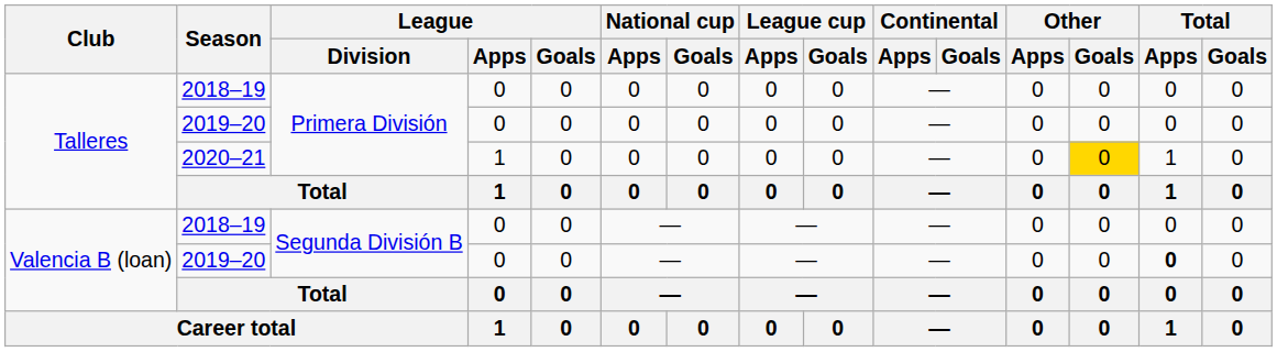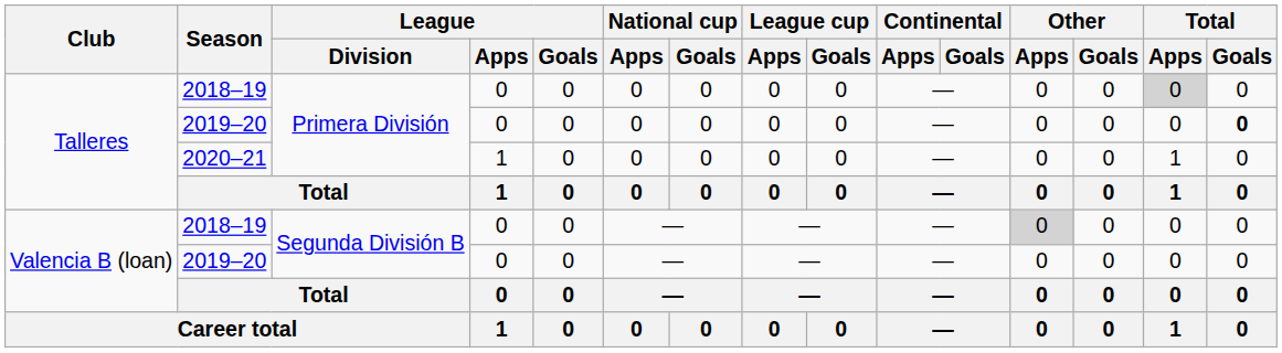 <table class="wikitable" style="text-align:center">
 <tr>
 <th rowspan="2">Club</th>
 <th rowspan="2">Season</th>
 <th colspan="3">League</th>
 <th colspan="2">National cup</th>
 <th colspan="2">League cup</th>
 <th colspan="2">Continental</th>
 <th colspan="2">Other</th>
 <th colspan="2">Total</th>
 </tr>
 <tr>
 <th>Division</th>
 <th>Apps</th>
 <th>Goals</th>
 <th>Apps</th>
 <th>Goals</th>
 <th>Apps</th>
 <th>Goals</th>
 <th>Apps</th>
 <th>Goals</th>
 <th>Apps</th>
 <th>Goals</th>
 <th>Apps</th>
 <th>Goals</th>
 </tr>
 <tr>
 <td rowspan="4"><a href='#'>Talleres</a></td>
 <td><a href='#'>2018–19</a></td>
 <td rowspan="3"><a href='#'>Primera División</a></td>
 <td>0</td>
 <td>0</td>
 <td>0</td>
 <td>0</td>
 <td>0</td>
 <td>0</td>
 <td colspan="2">—</td>
 <td>0</td>
 <td>0</td>
-<td>0</td>
+<td style="background: lightgrey;">0</td>
 <td>0</td>
 </tr>
 <tr>
 <td><a href='#'>2019–20</a></td>
 <td>0</td>
 <td>0</td>
 <td>0</td>
 <td>0</td>
 <td>0</td>
 <td>0</td>
 <td colspan="2">—</td>
 <td>0</td>
 <td>0</td>
 <td>0</td>
-<td>0</td>
+<td><strong>0</strong></td>
 </tr>
 <tr>
 <td><a href='#'>2020–21</a></td>
 <td>1</td>
 <td>0</td>
 <td>0</td>
 <td>0</td>
 <td>0</td>
 <td>0</td>
 <td colspan="2">—</td>
 <td>0</td>
-<td style="background: gold;">0</td>
+<td>0</td>
 <td>1</td>
 <td>0</td>
 </tr>
 <tr>
 <th colspan="2">Total</th>
 <th>1</th>
 <th>0</th>
 <th>0</th>
 <th>0</th>
 <th>0</th>
 <th>0</th>
 <th colspan="2">—</th>
 <th>0</th>
 <th>0</th>
 <th>1</th>
 <th>0</th>
 </tr>
 <tr>
 <td rowspan="3"><a href='#'>Valencia B</a> (loan)</td>
 <td><a href='#'>2018–19</a></td>
 <td rowspan="2"><a href='#'>Segunda División B</a></td>
 <td>0</td>
 <td>0</td>
 <td colspan="2">—</td>
 <td colspan="2">—</td>
 <td colspan="2">—</td>
-<td>0</td>
+<td style="background: lightgrey;">0</td>
 <td>0</td>
 <td>0</td>
 <td>0</td>
 </tr>
 <tr>
 <td><a href='#'>2019–20</a></td>
 <td>0</td>
 <td>0</td>
 <td colspan="2">—</td>
 <td colspan="2">—</td>
 <td colspan="2">—</td>
 <td>0</td>
 <td>0</td>
-<td><strong>0</strong></td>
+<td>0</td>
 <td>0</td>
 </tr>
 <tr>
 <th colspan="2">Total</th>
 <th>0</th>
 <th>0</th>
 <th colspan="2">—</th>
 <th colspan="2">—</th>
 <th colspan="2">—</th>
 <th>0</th>
 <th>0</th>
 <th>0</th>
 <th>0</th>
 </tr>
 <tr>
 <th colspan="3">Career total</th>
 <th>1</th>
 <th>0</th>
 <th>0</th>
 <th>0</th>
 <th>0</th>
 <th>0</th>
 <th colspan="2">—</th>
 <th>0</th>
 <th>0</th>
 <th>1</th>
 <th>0</th>
 </tr>
 </table>
